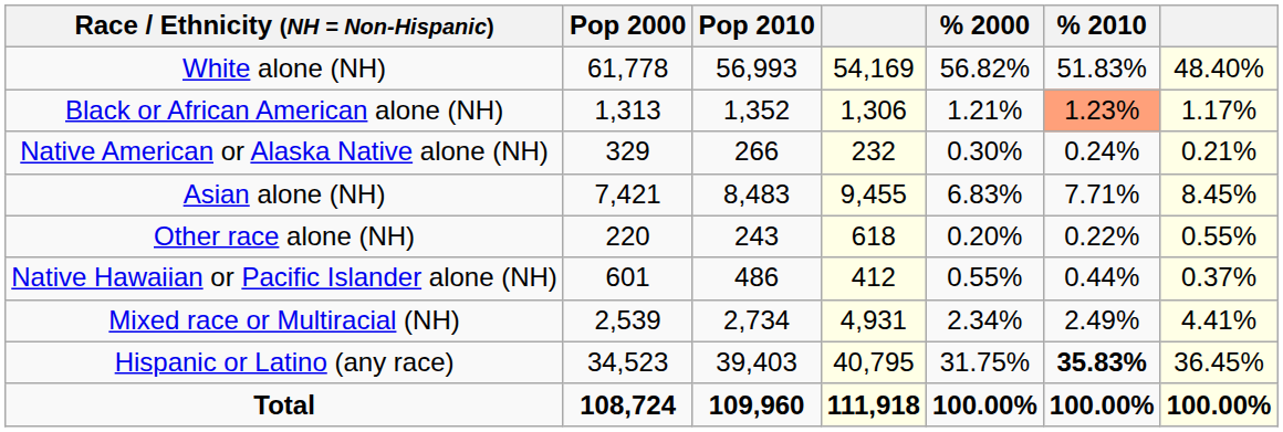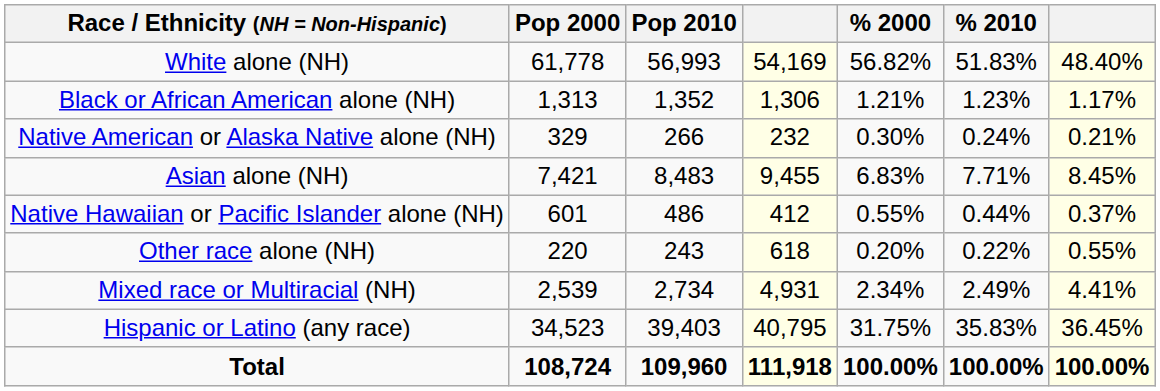 <table class="wikitable" style="text-align:center;">
 <tr>
 <th>Race / Ethnicity <small>(<em>NH = Non-Hispanic</em>)</small></th>
 <th>Pop 2000</th>
 <th>Pop 2010</th>
 <th></th>
 <th>% 2000</th>
 <th>% 2010</th>
 <th></th>
 </tr>
 <tr>
 <td><a href='#'>White</a> alone (NH)</td>
 <td>61,778</td>
 <td>56,993</td>
 <td style='background: #ffffe6;'>54,169</td>
 <td>56.82%</td>
 <td>51.83%</td>
 <td style='background: #ffffe6;'>48.40%</td>
 </tr>
 <tr>
 <td><a href='#'>Black or African American</a> alone (NH)</td>
 <td>1,313</td>
 <td>1,352</td>
 <td style='background: #ffffe6;'>1,306</td>
 <td>1.21%</td>
-<td style="background: lightsalmon;">1.23%</td>
+<td>1.23%</td>
 <td style='background: #ffffe6;'>1.17%</td>
 </tr>
 <tr>
 <td><a href='#'>Native American</a> or <a href='#'>Alaska Native</a> alone (NH)</td>
 <td>329</td>
 <td>266</td>
 <td style='background: #ffffe6;'>232</td>
 <td>0.30%</td>
 <td>0.24%</td>
 <td style='background: #ffffe6;'>0.21%</td>
 </tr>
 <tr>
 <td><a href='#'>Asian</a> alone (NH)</td>
 <td>7,421</td>
 <td>8,483</td>
 <td style='background: #ffffe6;'>9,455</td>
 <td>6.83%</td>
 <td>7.71%</td>
 <td style='background: #ffffe6;'>8.45%</td>
 </tr>
 <tr>
+<td><a href='#'>Native Hawaiian</a> or <a href='#'>Pacific Islander</a> alone (NH)</td>
+<td>601</td>
+<td>486</td>
+<td style='background: #ffffe6;'>412</td>
+<td>0.55%</td>
+<td>0.44%</td>
+<td style='background: #ffffe6;'>0.37%</td>
+</tr>
+<tr>
 <td><a href='#'>Other race</a> alone (NH)</td>
 <td>220</td>
 <td>243</td>
 <td style='background: #ffffe6;'>618</td>
 <td>0.20%</td>
 <td>0.22%</td>
 <td style='background: #ffffe6;'>0.55%</td>
-</tr>
-<tr>
-<td><a href='#'>Native Hawaiian</a> or <a href='#'>Pacific Islander</a> alone (NH)</td>
-<td>601</td>
-<td>486</td>
-<td style='background: #ffffe6;'>412</td>
-<td>0.55%</td>
-<td>0.44%</td>
-<td style='background: #ffffe6;'>0.37%</td>
 </tr>
 <tr>
 <td><a href='#'>Mixed race or Multiracial</a> (NH)</td>
 <td>2,539</td>
 <td>2,734</td>
 <td style='background: #ffffe6;'>4,931</td>
 <td>2.34%</td>
 <td>2.49%</td>
 <td style='background: #ffffe6;'>4.41%</td>
 </tr>
 <tr>
 <td><a href='#'>Hispanic or Latino</a> (any race)</td>
 <td>34,523</td>
 <td>39,403</td>
 <td style='background: #ffffe6;'>40,795</td>
 <td>31.75%</td>
-<td><strong>35.83%</strong></td>
+<td>35.83%</td>
 <td style='background: #ffffe6;'>36.45%</td>
 </tr>
 <tr>
 <td><strong>Total</strong></td>
 <td><strong>108,724</strong></td>
 <td><strong>109,960</strong></td>
 <td style='background: #ffffe6;'><strong>111,918</strong></td>
 <td><strong>100.00%</strong></td>
 <td><strong>100.00%</strong></td>
 <td style='background: #ffffe6;'><strong>100.00%</strong></td>
 </tr>
 </table>
